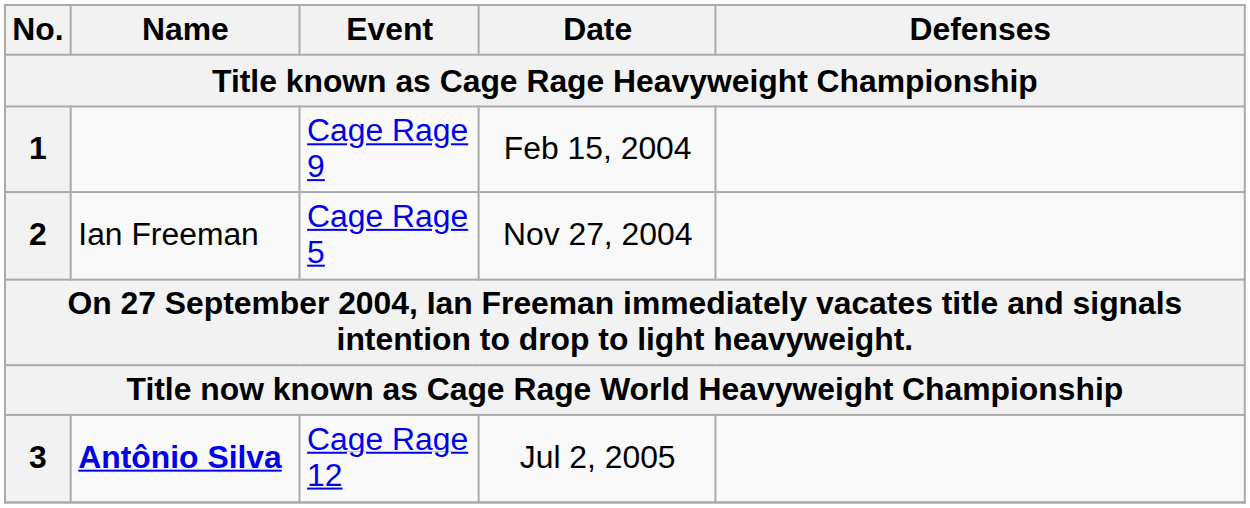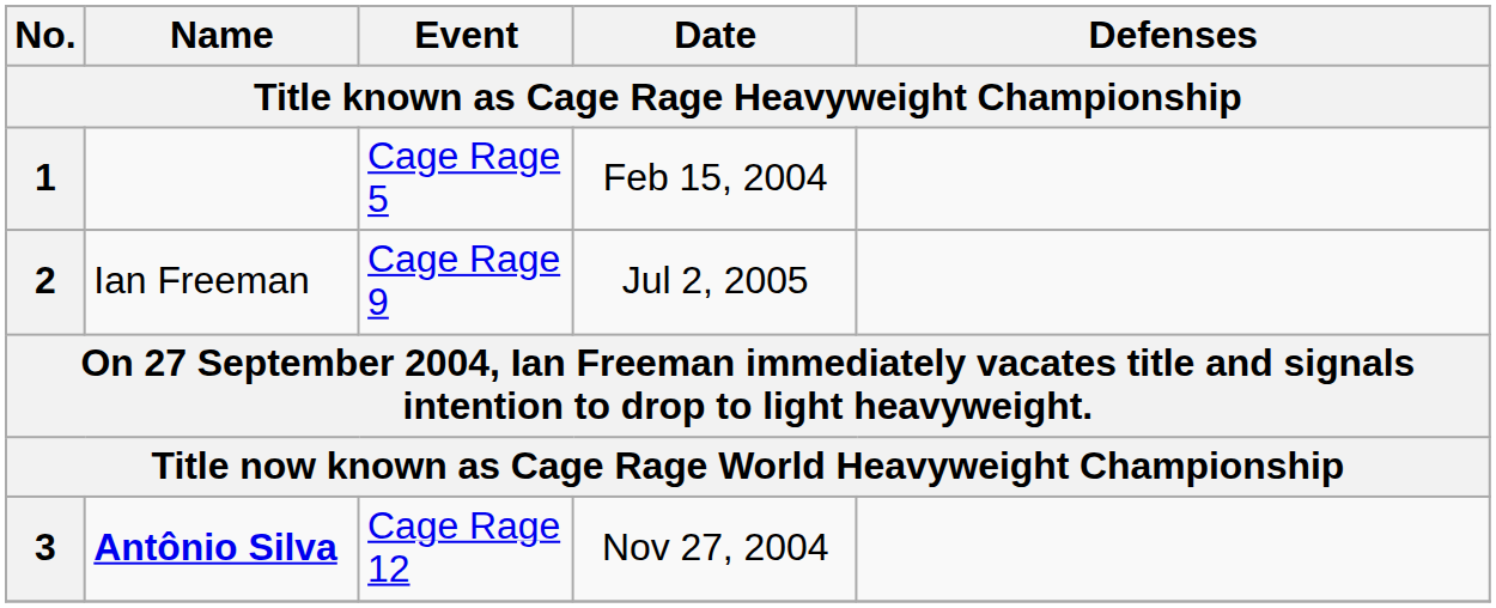 <table class="wikitable" width=100%>
 <tr>
 <th width=1%>No.</th>
 <th width=19%>Name</th>
 <th width=15%>Event</th>
 <th width=20%>Date</th>
 <th width=45%>Defenses</th>
 </tr>
 <tr>
 <th align=center colspan=5>Title known as <strong>Cage Rage Heavyweight Championship</strong></th>
 </tr>
 <tr>
 <th>1</th>
 <td></td>
-<td><a href='#'>Cage Rage 9</a><br></td>
+<td><a href='#'>Cage Rage 5</a><br></td>
 <td align=center>Feb 15, 2004</td>
 <td></td>
 </tr>
 <tr>
 <th>2</th>
 <td> Ian Freeman<br></td>
-<td><a href='#'>Cage Rage 5</a><br></td>
-<td align=center>Nov 27, 2004</td>
+<td><a href='#'>Cage Rage 9</a><br></td>
+<td align=center>Jul 2, 2005</td>
 <td></td>
 </tr>
 <tr>
 <th colspan=5 align=center>On 27 September 2004, Ian Freeman immediately vacates title and signals intention to drop to light heavyweight.</th>
 </tr>
 <tr>
 <th align=center colspan=5>Title now known as <strong>Cage Rage World Heavyweight Championship</strong></th>
 </tr>
 <tr>
 <th>3</th>
 <td><strong> <a href='#'>Antônio Silva</a> <br></strong></td>
 <td><a href='#'>Cage Rage 12</a> <br></td>
-<td align=center>Jul 2, 2005</td>
+<td align=center>Nov 27, 2004</td>
 <td></td>
 </tr>
 <tr>
 </tr>
 </table>
